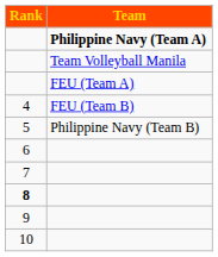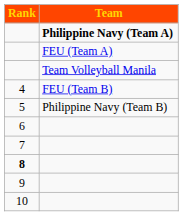 <table class="wikitable" style="text-align: center;">
 <tr>
 <th style="width:40px; background:#ff4500; color:gold;">Rank</th>
 <th style="width:180px; background:#ff4500; color:gold;">Team</th>
 </tr>
 <tr>
 <td></td>
 <td style="text-align:left;"><strong>Philippine Navy (Team A)</strong></td>
 </tr>
 <tr>
 <td></td>
-<td style="text-align:left;"><a href='#'>Team Volleyball Manila</a></td>
+<td style="text-align:left;"><a href='#'>FEU (Team A)</a></td>
 </tr>
 <tr>
 <td></td>
-<td style="text-align:left;"><a href='#'>FEU (Team A)</a></td>
+<td style="text-align:left;"><a href='#'>Team Volleyball Manila</a></td>
 </tr>
 <tr>
 <td>4</td>
 <td style="text-align:left;"><a href='#'>FEU (Team B)</a></td>
 </tr>
 <tr>
 <td>5</td>
 <td style="text-align:left;">Philippine Navy (Team B)</td>
 </tr>
 <tr>
 <td>6</td>
 <td style="text-align:left;"></td>
 </tr>
 <tr>
 <td>7</td>
 <td style="text-align:left;"></td>
 </tr>
 <tr>
 <td><strong>8</strong></td>
 <td style="text-align:left;"></td>
 </tr>
 <tr>
 <td>9</td>
 <td style="text-align:left;"></td>
 </tr>
 <tr>
 <td>10</td>
 <td style="text-align:left;"></td>
 </tr>
 </table>
